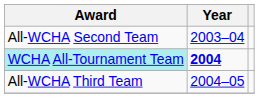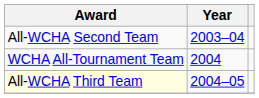 <table class="wikitable">
 <tr>
 <th>Award</th>
 <th>Year</th>
 <th></th>
 </tr>
 <tr>
 <td>All-<a href='#'>WCHA</a> <a href='#'>Second Team</a></td>
 <td><a href='#'>2003–04</a></td>
 <td></td>
 </tr>
 <tr>
-<td style="background: paleturquoise;"><a href='#'>WCHA</a> <a href='#'>All-Tournament Team</a></td>
-<td><strong><a href='#'>2004</a></strong></td>
+<td><a href='#'>WCHA</a> <a href='#'>All-Tournament Team</a></td>
+<td><a href='#'>2004</a></td>
 <td></td>
 </tr>
 <tr>
-<td>All-<a href='#'>WCHA</a> <a href='#'>Third Team</a></td>
+<td style="background: lightyellow;">All-<a href='#'>WCHA</a> <a href='#'>Third Team</a></td>
 <td><a href='#'>2004–05</a></td>
 <td></td>
 </tr>
 <tr>
 </tr>
 </table>
